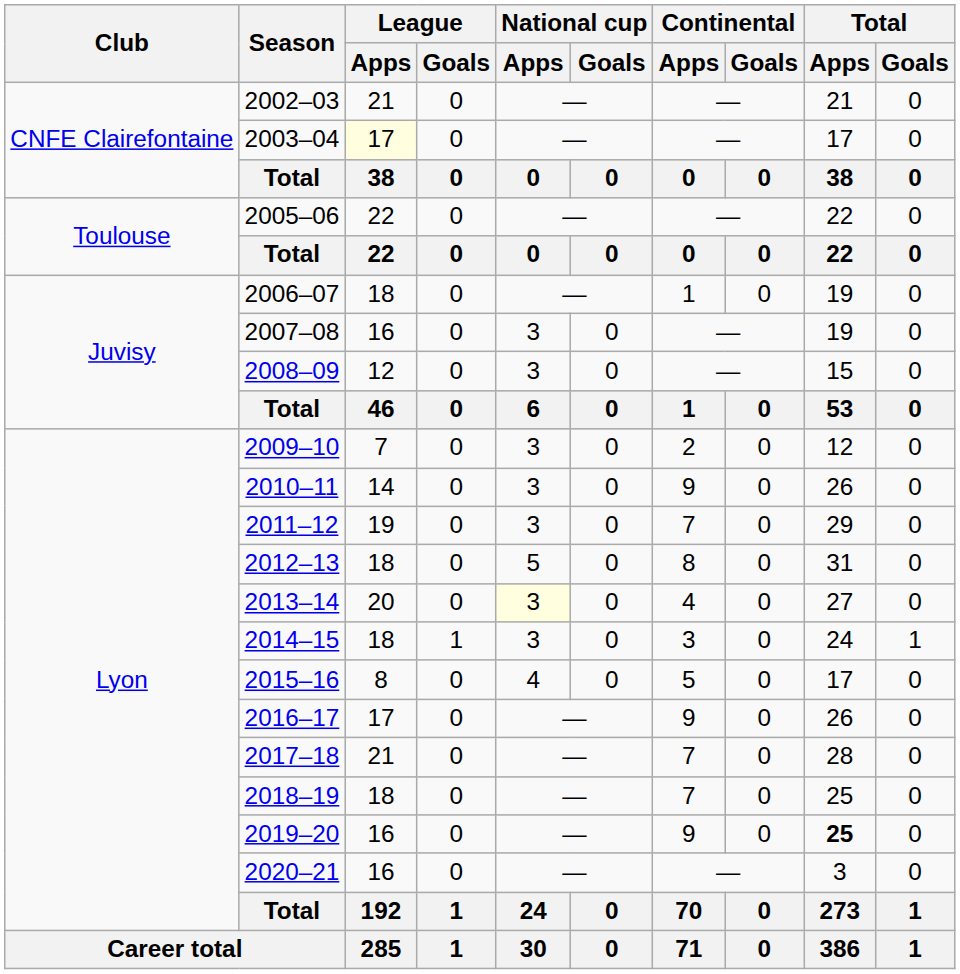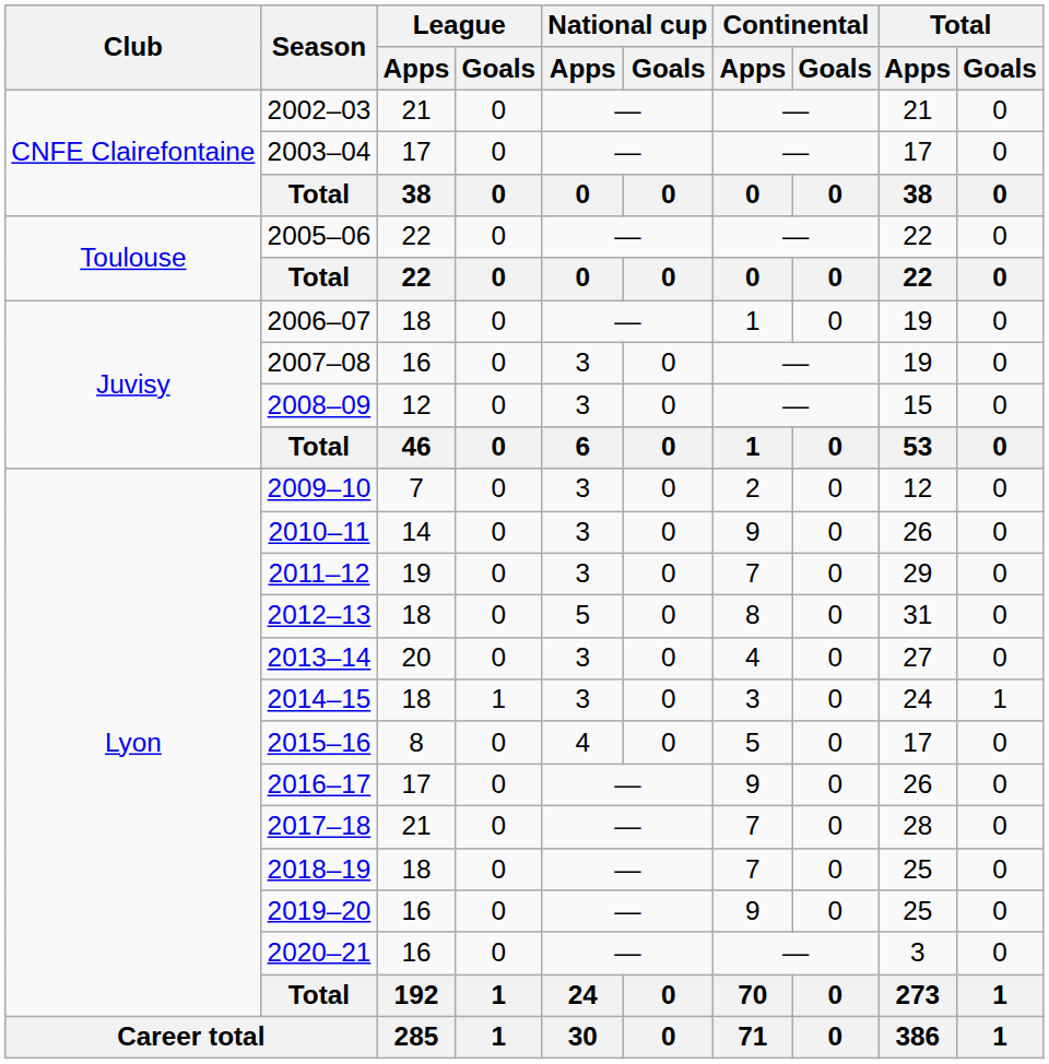 <table class="wikitable" style="text-align: center;">
 <tr>
 <th rowspan="2">Club</th>
 <th rowspan="2">Season</th>
 <th colspan="2">League</th>
 <th colspan="2">National cup</th>
 <th colspan="2">Continental</th>
 <th colspan="2">Total</th>
 </tr>
 <tr>
 <th>Apps</th>
 <th>Goals</th>
 <th>Apps</th>
 <th>Goals</th>
 <th>Apps</th>
 <th>Goals</th>
 <th>Apps</th>
 <th>Goals</th>
 </tr>
 <tr>
 <td rowspan="3" valign="center"><a href='#'>CNFE Clairefontaine</a></td>
 <td>2002–03</td>
 <td>21</td>
 <td>0</td>
 <td colspan="2">—</td>
 <td colspan="2">—</td>
 <td>21</td>
 <td>0</td>
 </tr>
 <tr>
 <td>2003–04</td>
-<td style="background: lightyellow;">17</td>
+<td>17</td>
 <td>0</td>
 <td colspan="2">—</td>
 <td colspan="2">—</td>
 <td>17</td>
 <td>0</td>
 </tr>
 <tr>
 <th>Total</th>
 <th>38</th>
 <th>0</th>
 <th>0</th>
 <th>0</th>
 <th>0</th>
 <th>0</th>
 <th>38</th>
 <th>0</th>
 </tr>
 <tr>
 <td rowspan="2" valign="center"><a href='#'>Toulouse</a></td>
 <td>2005–06</td>
 <td>22</td>
 <td>0</td>
 <td colspan="2">—</td>
 <td colspan="2">—</td>
 <td>22</td>
 <td>0</td>
 </tr>
 <tr>
 <th>Total</th>
 <th>22</th>
 <th>0</th>
 <th>0</th>
 <th>0</th>
 <th>0</th>
 <th>0</th>
 <th>22</th>
 <th>0</th>
 </tr>
 <tr>
 <td rowspan="4" valign="center"><a href='#'>Juvisy</a></td>
 <td>2006–07</td>
 <td>18</td>
 <td>0</td>
 <td colspan="2">—</td>
 <td>1</td>
 <td>0</td>
 <td>19</td>
 <td>0</td>
 </tr>
 <tr>
 <td>2007–08</td>
 <td>16</td>
 <td>0</td>
 <td>3</td>
 <td>0</td>
 <td colspan="2">—</td>
 <td>19</td>
 <td>0</td>
 </tr>
 <tr>
 <td><a href='#'>2008–09</a></td>
 <td>12</td>
 <td>0</td>
 <td>3</td>
 <td>0</td>
 <td colspan="2">—</td>
 <td>15</td>
 <td>0</td>
 </tr>
 <tr>
 <th>Total</th>
 <th>46</th>
 <th>0</th>
 <th>6</th>
 <th>0</th>
 <th>1</th>
 <th>0</th>
 <th>53</th>
 <th>0</th>
 </tr>
 <tr>
 <td rowspan="13"><a href='#'>Lyon</a></td>
 <td><a href='#'>2009–10</a></td>
 <td>7</td>
 <td>0</td>
 <td>3</td>
 <td>0</td>
 <td>2</td>
 <td>0</td>
 <td>12</td>
 <td>0</td>
 </tr>
 <tr>
 <td><a href='#'>2010–11</a></td>
 <td>14</td>
 <td>0</td>
 <td>3</td>
 <td>0</td>
 <td>9</td>
 <td>0</td>
 <td>26</td>
 <td>0</td>
 </tr>
 <tr>
 <td><a href='#'>2011–12</a></td>
 <td>19</td>
 <td>0</td>
 <td>3</td>
 <td>0</td>
 <td>7</td>
 <td>0</td>
 <td>29</td>
 <td>0</td>
 </tr>
 <tr>
 <td><a href='#'>2012–13</a></td>
 <td>18</td>
 <td>0</td>
 <td>5</td>
 <td>0</td>
 <td>8</td>
 <td>0</td>
 <td>31</td>
 <td>0</td>
 </tr>
 <tr>
 <td><a href='#'>2013–14</a></td>
 <td>20</td>
 <td>0</td>
-<td style="background: lightyellow;">3</td>
+<td>3</td>
 <td>0</td>
 <td>4</td>
 <td>0</td>
 <td>27</td>
 <td>0</td>
 </tr>
 <tr>
 <td><a href='#'>2014–15</a></td>
 <td>18</td>
 <td>1</td>
 <td>3</td>
 <td>0</td>
 <td>3</td>
 <td>0</td>
 <td>24</td>
 <td>1</td>
 </tr>
 <tr>
 <td><a href='#'>2015–16</a></td>
 <td>8</td>
 <td>0</td>
 <td>4</td>
 <td>0</td>
 <td>5</td>
 <td>0</td>
 <td>17</td>
 <td>0</td>
 </tr>
 <tr>
 <td><a href='#'>2016–17</a></td>
 <td>17</td>
 <td>0</td>
 <td colspan="2">—</td>
 <td>9</td>
 <td>0</td>
 <td>26</td>
 <td>0</td>
 </tr>
 <tr>
 <td><a href='#'>2017–18</a></td>
 <td>21</td>
 <td>0</td>
 <td colspan="2">—</td>
 <td>7</td>
 <td>0</td>
 <td>28</td>
 <td>0</td>
 </tr>
 <tr>
 <td><a href='#'>2018–19</a></td>
 <td>18</td>
 <td>0</td>
 <td colspan="2">—</td>
 <td>7</td>
 <td>0</td>
 <td>25</td>
 <td>0</td>
 </tr>
 <tr>
 <td><a href='#'>2019–20</a></td>
 <td>16</td>
 <td>0</td>
 <td colspan="2">—</td>
 <td>9</td>
 <td>0</td>
-<td><strong>25</strong></td>
+<td>25</td>
 <td>0</td>
 </tr>
 <tr>
 <td><a href='#'>2020–21</a></td>
 <td>16</td>
 <td>0</td>
 <td colspan="2">—</td>
 <td colspan="2">—</td>
 <td>3</td>
 <td>0</td>
 </tr>
 <tr>
 <th>Total</th>
 <th>192</th>
 <th>1</th>
 <th>24</th>
 <th>0</th>
 <th>70</th>
 <th>0</th>
 <th>273</th>
 <th>1</th>
 </tr>
 <tr>
 <th colspan="2">Career total</th>
 <th>285</th>
 <th>1</th>
 <th>30</th>
 <th>0</th>
 <th>71</th>
 <th>0</th>
 <th>386</th>
 <th>1</th>
 </tr>
 </table>
